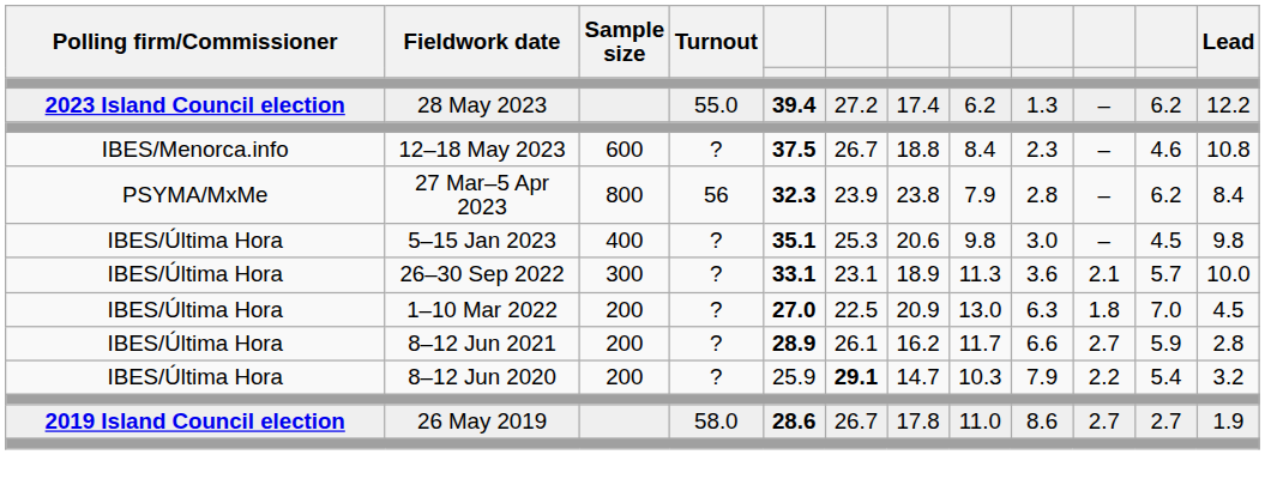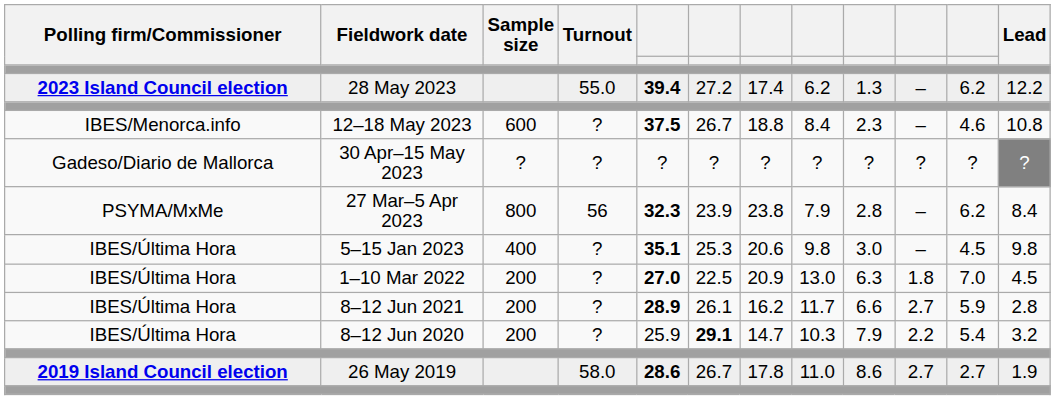 <table class="wikitable collapsible collapsed" style="text-align:center; font-size:95%; line-height:16px;">
 <tr style="height:42px;">
 <th style="width:250px;" rowspan="2">Polling firm/Commissioner</th>
 <th style="width:125px;" rowspan="2">Fieldwork date</th>
 <th style="width:50px;" rowspan="2">Sample size</th>
 <th style="width:45px;" rowspan="2">Turnout</th>
 <th style="width:35px;"></th>
 <th style="width:35px;"></th>
 <th style="width:35px;"></th>
 <th style="width:35px;"></th>
 <th style="width:35px;"></th>
 <th style="width:35px;"></th>
 <th style="width:35px;"></th>
 <th style="width:30px;" rowspan="2">Lead</th>
 </tr>
 <tr>
 <th style="color:inherit;background:"></th>
 <th style="color:inherit;background:"></th>
 <th style="color:inherit;background:"></th>
 <th style="color:inherit;background:"></th>
 <th style="color:inherit;background:"></th>
 <th style="color:inherit;background:"></th>
 <th style="color:inherit;background:"></th>
 </tr>
 <tr>
 <td colspan="12" style="background:#A0A0A0"></td>
 </tr>
 <tr style="background:#EFEFEF;">
 <td><strong><a href='#'>2023 Island Council election</a></strong></td>
 <td>28 May 2023</td>
 <td></td>
 <td>55.0</td>
 <td><strong>39.4</strong><br></td>
 <td>27.2<br></td>
 <td>17.4<br></td>
 <td>6.2<br></td>
 <td>1.3<br></td>
 <td>–</td>
 <td>6.2<br></td>
 <td style="background:">12.2</td>
 </tr>
 <tr>
 <td colspan="12" style="background:#A0A0A0"></td>
 </tr>
 <tr>
 <td>IBES/Menorca.info</td>
 <td>12–18 May 2023</td>
 <td>600</td>
 <td>?</td>
 <td><strong>37.5</strong><br></td>
 <td>26.7<br></td>
 <td>18.8<br></td>
 <td>8.4<br></td>
 <td>2.3<br></td>
 <td>–</td>
 <td>4.6<br></td>
 <td style="background:">10.8</td>
 </tr>
 <tr>
+<td>Gadeso/Diario de Mallorca</td>
+<td>30 Apr–15 May 2023</td>
+<td>?</td>
+<td>?</td>
+<td>?<br></td>
+<td>?<br></td>
+<td>?<br></td>
+<td>?<br></td>
+<td>?<br></td>
+<td>?<br></td>
+<td>?<br></td>
+<td style="background:grey;color:white;">?</td>
+</tr>
+<tr>
 <td>PSYMA/MxMe</td>
 <td>27 Mar–5 Apr 2023</td>
 <td>800</td>
 <td>56</td>
 <td><strong>32.3</strong><br></td>
 <td>23.9<br></td>
 <td>23.8<br></td>
 <td>7.9<br></td>
 <td>2.8<br></td>
 <td>–</td>
 <td>6.2<br></td>
 <td style="background:">8.4</td>
 </tr>
 <tr>
 <td>IBES/Última Hora</td>
 <td>5–15 Jan 2023</td>
 <td>400</td>
 <td>?</td>
 <td><strong>35.1</strong><br></td>
 <td>25.3<br></td>
 <td>20.6<br></td>
 <td>9.8<br></td>
 <td>3.0<br></td>
 <td>–</td>
 <td>4.5<br></td>
 <td style="background:">9.8</td>
-</tr>
-<tr>
-<td>IBES/Última Hora</td>
-<td>26–30 Sep 2022</td>
-<td>300</td>
-<td>?</td>
-<td><strong>33.1</strong><br></td>
-<td>23.1<br></td>
-<td>18.9<br></td>
-<td>11.3<br></td>
-<td>3.6<br></td>
-<td>2.1<br></td>
-<td>5.7<br></td>
-<td style="background:">10.0</td>
 </tr>
 <tr>
 <td>IBES/Última Hora</td>
 <td>1–10 Mar 2022</td>
 <td>200</td>
 <td>?</td>
 <td><strong>27.0</strong><br></td>
 <td>22.5<br></td>
 <td>20.9<br></td>
 <td>13.0<br></td>
 <td>6.3<br></td>
 <td>1.8<br></td>
 <td>7.0<br></td>
 <td style="background:">4.5</td>
 </tr>
 <tr>
 <td>IBES/Última Hora</td>
 <td>8–12 Jun 2021</td>
 <td>200</td>
 <td>?</td>
 <td><strong>28.9</strong><br></td>
 <td>26.1<br></td>
 <td>16.2<br></td>
 <td>11.7<br></td>
 <td>6.6<br></td>
 <td>2.7<br></td>
 <td>5.9<br></td>
 <td style="background:">2.8</td>
 </tr>
 <tr>
 <td>IBES/Última Hora</td>
 <td>8–12 Jun 2020</td>
 <td>200</td>
 <td>?</td>
 <td>25.9<br></td>
 <td><strong>29.1</strong><br></td>
 <td>14.7<br></td>
 <td>10.3<br></td>
 <td>7.9<br></td>
 <td>2.2<br></td>
 <td>5.4<br></td>
 <td style="background:">3.2</td>
 </tr>
 <tr>
 <td colspan="12" style="background:#A0A0A0"></td>
 </tr>
 <tr style="background:#EFEFEF;">
 <td><strong><a href='#'>2019 Island Council election</a></strong></td>
 <td>26 May 2019</td>
 <td></td>
 <td>58.0</td>
 <td><strong>28.6</strong><br></td>
 <td>26.7<br></td>
 <td>17.8<br></td>
 <td>11.0<br></td>
 <td>8.6<br></td>
 <td>2.7<br></td>
 <td>2.7<br></td>
 <td style="background:">1.9</td>
 </tr>
 <tr>
 <td colspan="12" style="background:#A0A0A0"></td>
 </tr>
 </table>
